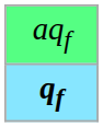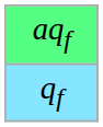 <table class="wikitable" style="text-align:center;">
 <tr>
 <td bgcolor="#55FF83" width="40"><em>aq</em><sub><em>f</em></sub></td>
 </tr>
 <tr>
-<td bgcolor="#87E6FF" width="40"><strong><em>q</em><sub><em>f</em></sub></strong></td>
+<td bgcolor="#87E6FF" width="40"><em>q</em><sub><em>f</em></sub></td>
 </tr>
 </table>
